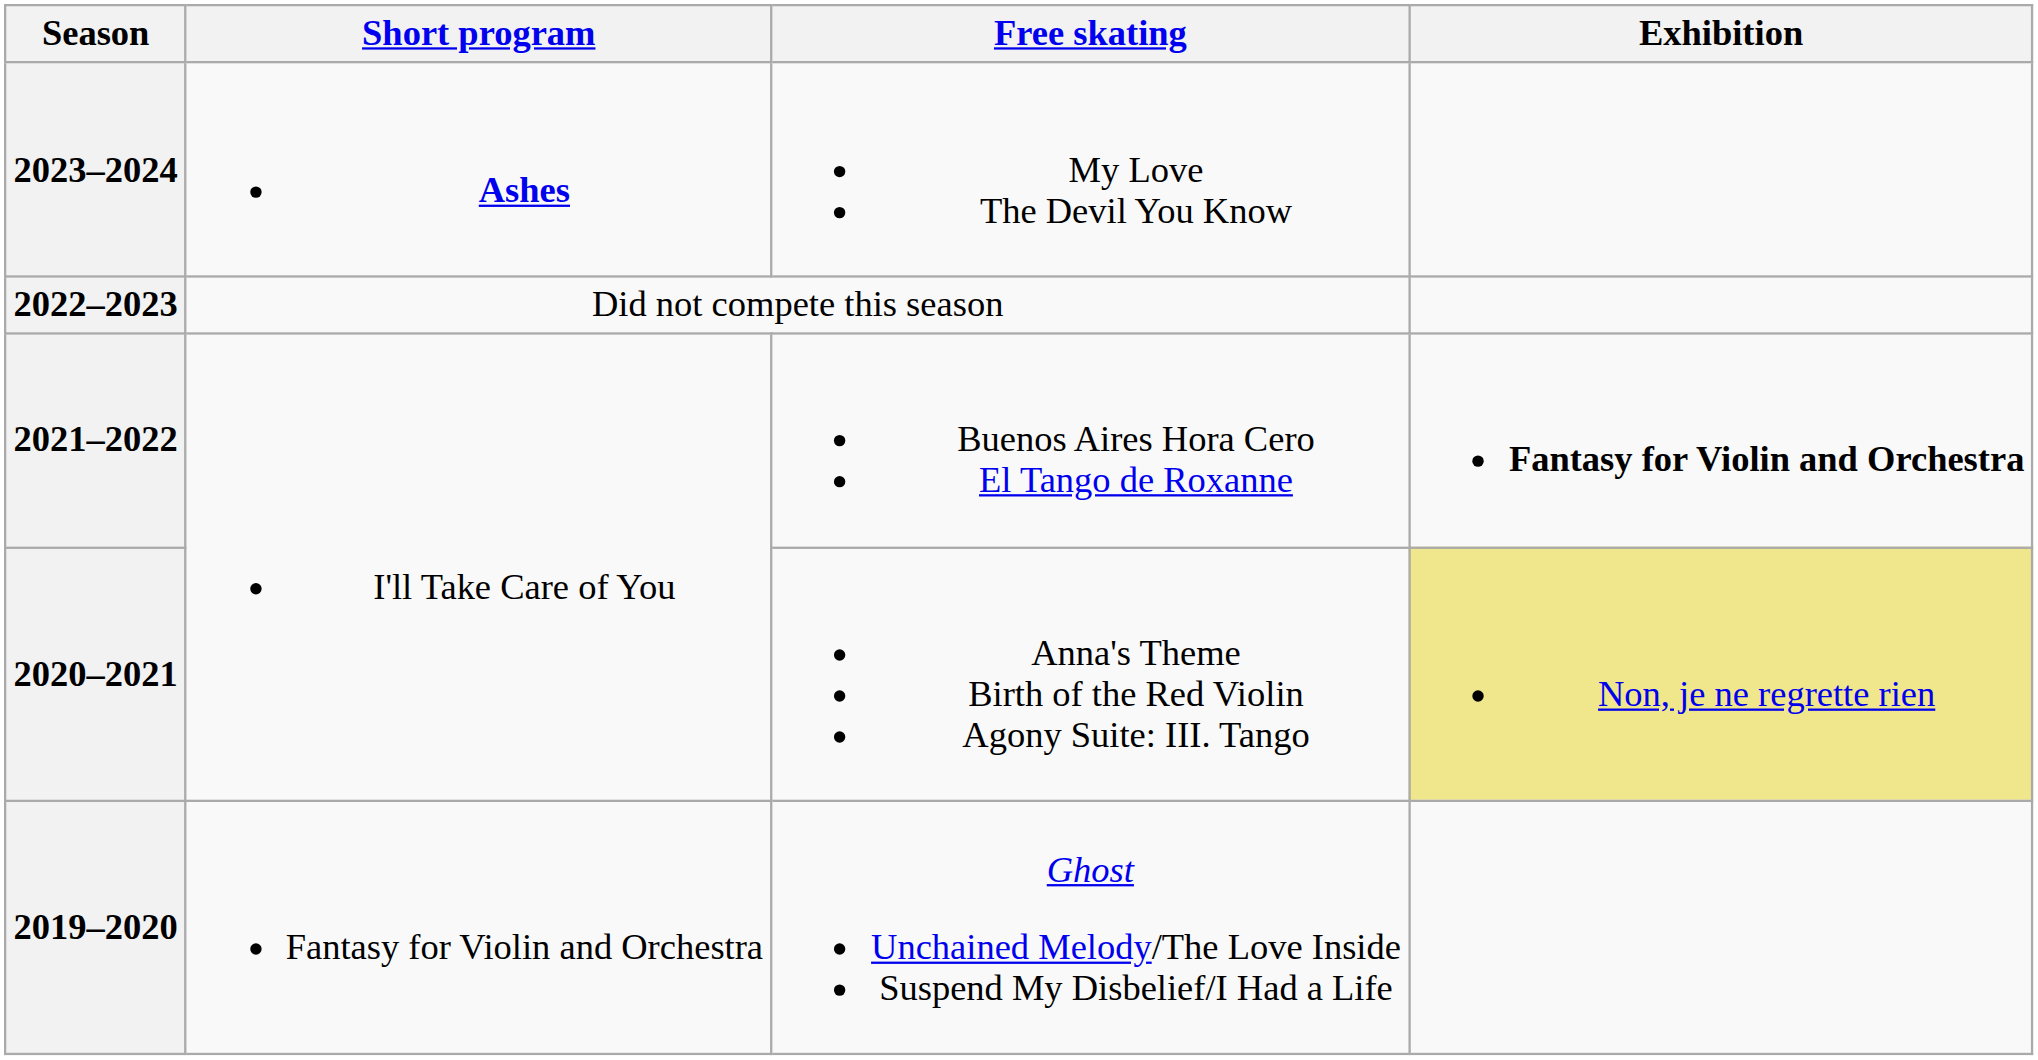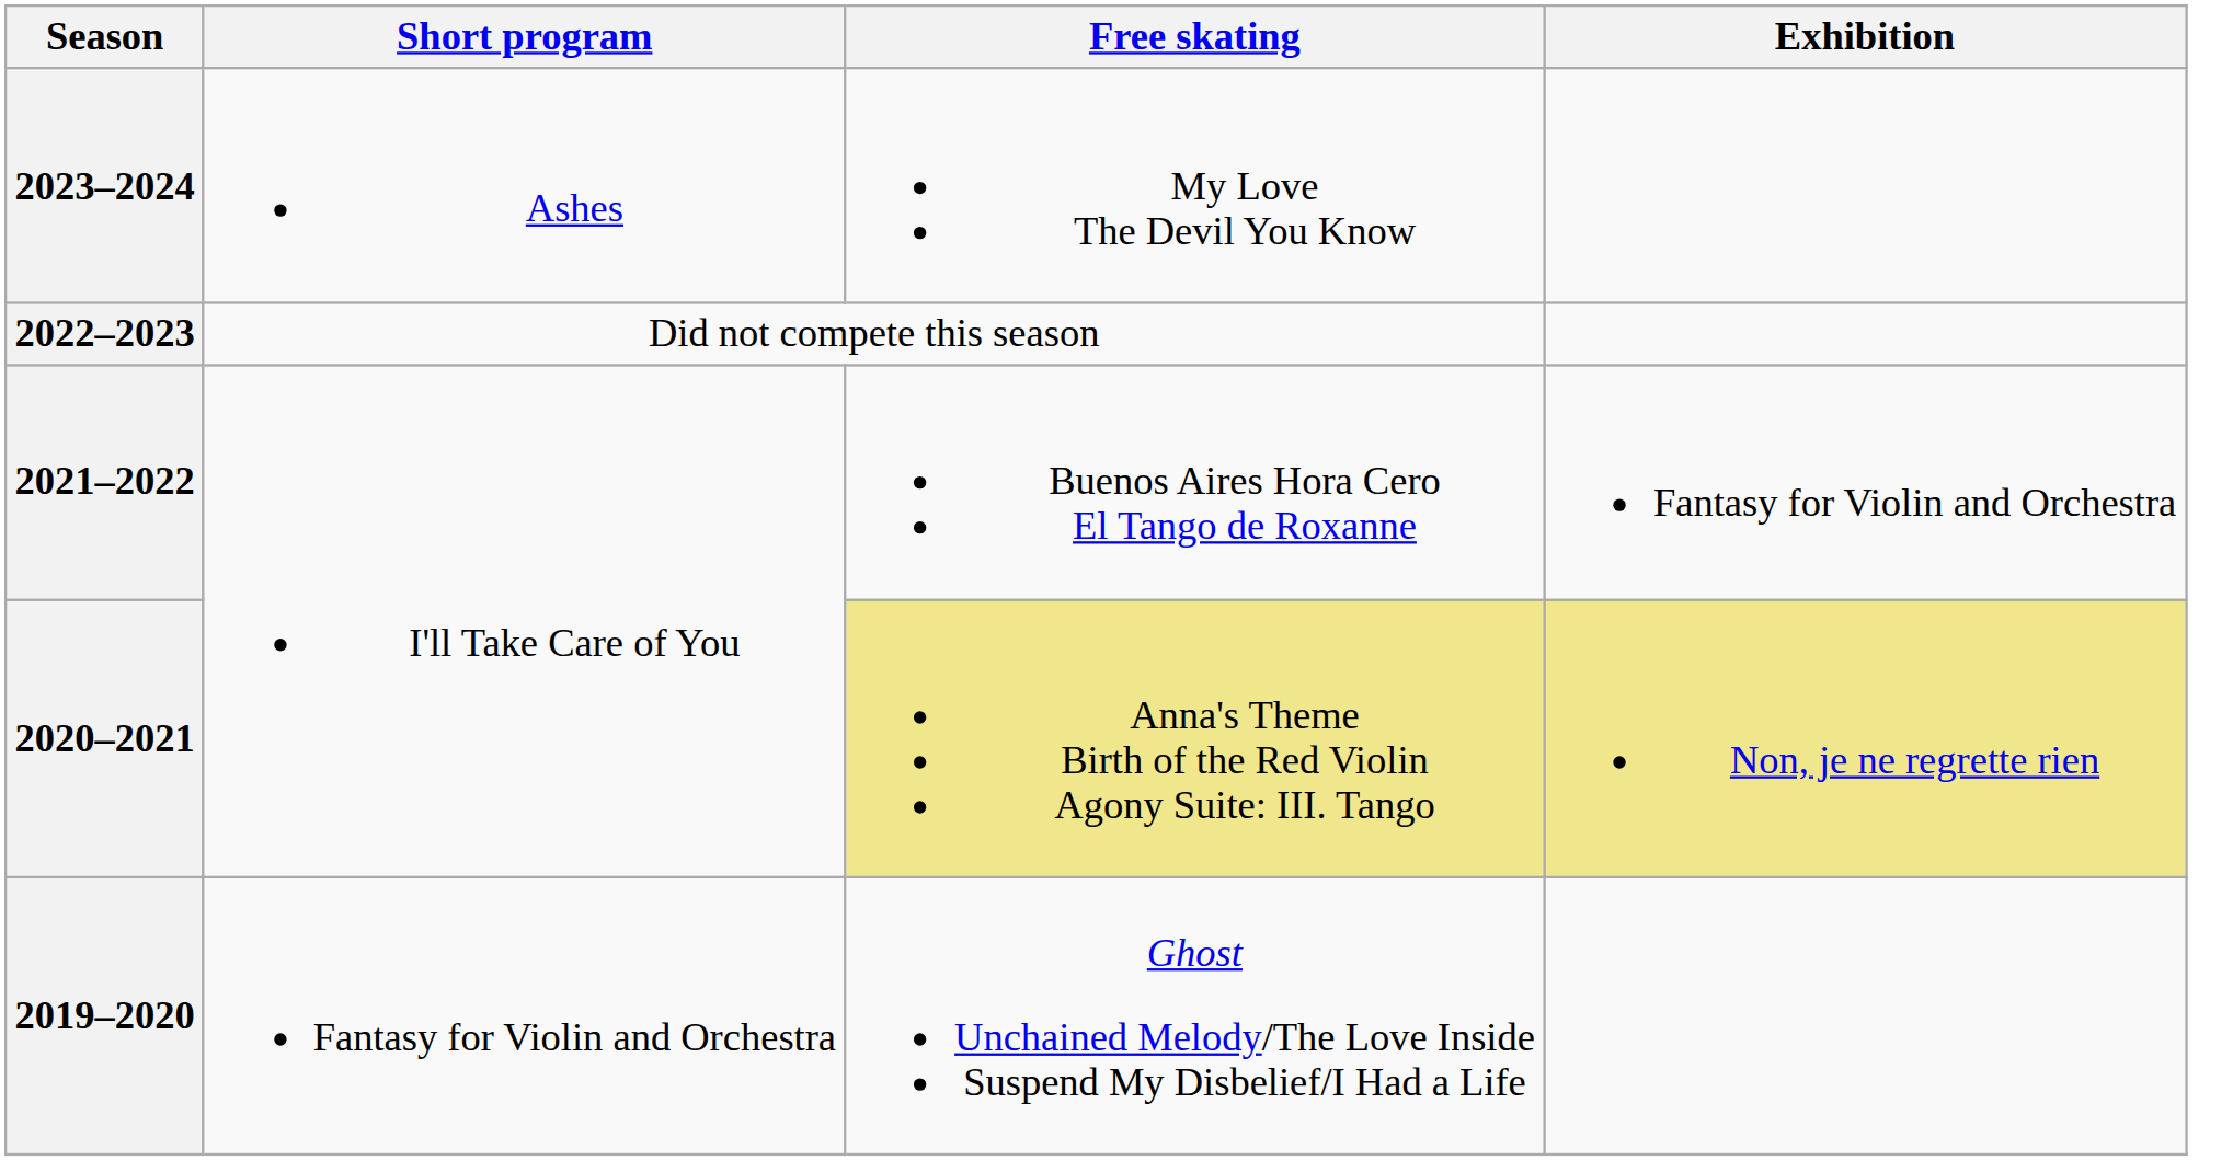 <table class="wikitable" style="text-align:center">
 <tr>
 <th>Season</th>
 <th><a href='#'>Short program</a></th>
 <th><a href='#'>Free skating</a></th>
 <th>Exhibition</th>
 </tr>
 <tr>
 <th>2023–2024</th>
-<td><strong><br><ul><li><a href='#'>Ashes</a><br> </li></ul></strong></td>
+<td><br><ul><li><a href='#'>Ashes</a><br> </li></ul></td>
 <td><br><ul><li>My Love</li><li>The Devil You Know<br> </li></ul></td>
 <td></td>
 </tr>
 <tr>
 <th>2022–2023</th>
 <td colspan="2">Did not compete this season</td>
 <td></td>
 </tr>
 <tr>
 <th>2021–2022</th>
 <td rowspan=2><br><ul><li>I'll Take Care of You <br> </li></ul></td>
 <td><br><ul><li>Buenos Aires Hora Cero <br> </li><li><a href='#'>El Tango de Roxanne</a> <br> </li></ul></td>
-<td><strong><br><ul><li>Fantasy for Violin and Orchestra <br> </li></ul></strong></td>
+<td><br><ul><li>Fantasy for Violin and Orchestra <br> </li></ul></td>
 </tr>
 <tr>
 <th>2020–2021</th>
-<td><br><ul><li>Anna's Theme</li><li>Birth of the Red Violin <br> </li><li>Agony Suite: III. Tango <br> </li></ul></td>
+<td style="background: khaki;"><br><ul><li>Anna's Theme</li><li>Birth of the Red Violin <br> </li><li>Agony Suite: III. Tango <br> </li></ul></td>
 <td style="background: khaki;"><br><ul><li><a href='#'>Non, je ne regrette rien</a> <br> </li></ul></td>
 </tr>
 <tr>
 <th>2019–2020<br></th>
 <td><br><ul><li>Fantasy for Violin and Orchestra <br> </li></ul></td>
 <td><br><em><a href='#'>Ghost</a></em><ul><li><a href='#'>Unchained Melody</a>/The Love Inside <br> </li><li>Suspend My Disbelief/I Had a Life <br> </li></ul></td>
 <td></td>
 </tr>
 </table>
